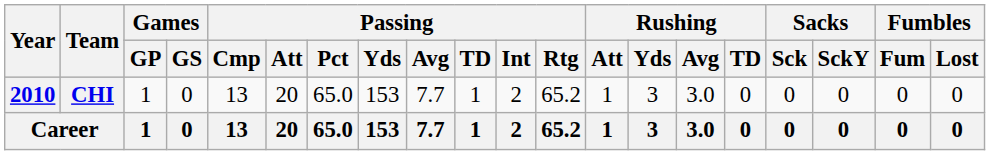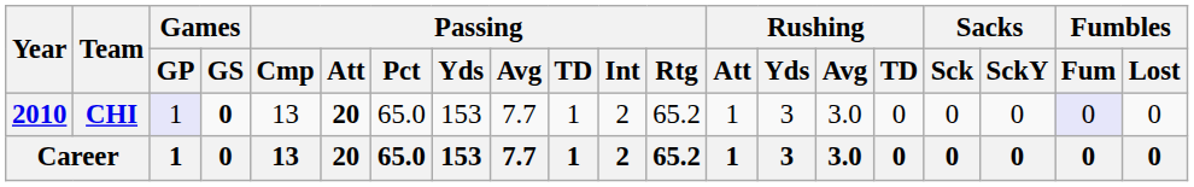 <table class="wikitable" style="text-align:center;">
 <tr>
 <th rowspan="2">Year</th>
 <th rowspan="2">Team</th>
 <th colspan="2">Games</th>
 <th colspan="8">Passing</th>
 <th colspan="4">Rushing</th>
 <th colspan="2">Sacks</th>
 <th colspan="2">Fumbles</th>
 </tr>
 <tr>
 <th>GP</th>
 <th>GS</th>
 <th>Cmp</th>
 <th>Att</th>
 <th>Pct</th>
 <th>Yds</th>
 <th>Avg</th>
 <th>TD</th>
 <th>Int</th>
 <th>Rtg</th>
 <th>Att</th>
 <th>Yds</th>
 <th>Avg</th>
 <th>TD</th>
 <th>Sck</th>
 <th>SckY</th>
 <th>Fum</th>
 <th>Lost</th>
 </tr>
 <tr>
 <th><a href='#'>2010</a></th>
 <th><a href='#'>CHI</a></th>
-<td>1</td>
-<td>0</td>
+<td style="background: lavender;">1</td>
+<td><strong>0</strong></td>
 <td>13</td>
-<td>20</td>
+<td><strong>20</strong></td>
 <td>65.0</td>
 <td>153</td>
 <td>7.7</td>
 <td>1</td>
 <td>2</td>
 <td>65.2</td>
 <td>1</td>
 <td>3</td>
 <td>3.0</td>
 <td>0</td>
 <td>0</td>
 <td>0</td>
-<td>0</td>
+<td style="background: lavender;">0</td>
 <td>0</td>
 </tr>
 <tr>
 <th colspan="2">Career</th>
 <th>1</th>
 <th>0</th>
 <th>13</th>
 <th>20</th>
 <th>65.0</th>
 <th>153</th>
 <th>7.7</th>
 <th>1</th>
 <th>2</th>
 <th>65.2</th>
 <th>1</th>
 <th>3</th>
 <th>3.0</th>
 <th>0</th>
 <th>0</th>
 <th>0</th>
 <th>0</th>
 <th>0</th>
 </tr>
 </table>
